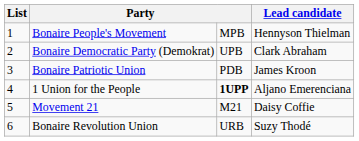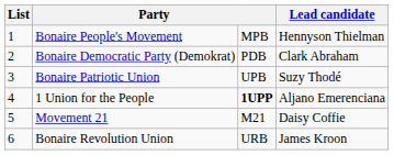 <table class="wikitable" style="text-align:left;">
 <tr>
 <th>List</th>
 <th colspan="2">Party</th>
 <th><a href='#'>Lead candidate</a></th>
 </tr>
 <tr>
 <td>1</td>
 <td><a href='#'>Bonaire People's Movement</a></td>
 <td>MPB</td>
 <td>Hennyson Thielman</td>
 </tr>
 <tr>
 <td>2</td>
 <td><a href='#'>Bonaire Democratic Party</a> (Demokrat)</td>
-<td>UPB</td>
+<td>PDB</td>
 <td>Clark Abraham</td>
 </tr>
 <tr>
 <td>3</td>
 <td><a href='#'>Bonaire Patriotic Union</a></td>
-<td>PDB</td>
-<td>James Kroon</td>
+<td>UPB</td>
+<td>Suzy Thodé</td>
 </tr>
 <tr>
 <td>4</td>
 <td>1 Union for the People</td>
 <td><strong>1UPP</strong></td>
 <td>Aljano Emerenciana</td>
 </tr>
 <tr>
 <td>5</td>
 <td><a href='#'>Movement 21</a></td>
 <td>M21</td>
 <td>Daisy Coffie</td>
 </tr>
 <tr>
 <td>6</td>
 <td>Bonaire Revolution Union</td>
 <td>URB</td>
-<td>Suzy Thodé</td>
+<td>James Kroon</td>
 </tr>
 </table>
